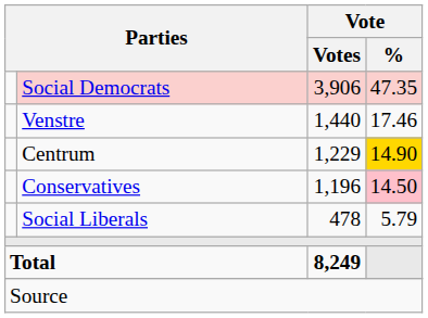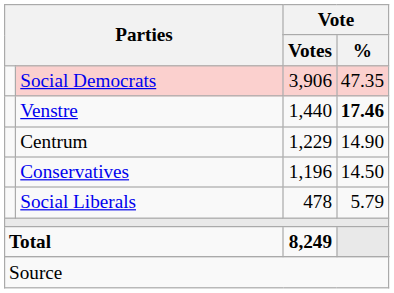 <table class="wikitable" style="text-align:right;">
 <tr>
 <th style="text-align:centre;" rowspan="2" colspan="2" width="225">Parties</th>
 <th colspan="3">Vote</th>
 </tr>
 <tr>
 <th width="15">Votes</th>
 <th width="15">%</th>
 </tr>
 <tr>
 <td width="2" style="color:inherit;background:"></td>
 <td bgcolor=#fbd0ce  align="left"><a href='#'>Social Democrats</a></td>
 <td bgcolor=#fbd0ce>3,906</td>
 <td bgcolor=#fbd0ce>47.35</td>
 </tr>
 <tr>
 <td width="2" style="color:inherit;background:"></td>
 <td align="left"><a href='#'>Venstre</a></td>
 <td>1,440</td>
-<td>17.46</td>
+<td><strong>17.46</strong></td>
 </tr>
 <tr>
 <td width="2" style="color:inherit;background:"></td>
 <td align="left">Centrum</td>
 <td>1,229</td>
-<td style="background: gold;">14.90</td>
+<td>14.90</td>
 </tr>
 <tr>
 <td width="2" style="color:inherit;background:"></td>
 <td align="left"><a href='#'>Conservatives</a></td>
 <td>1,196</td>
-<td style="background: pink;">14.50</td>
+<td>14.50</td>
 </tr>
 <tr>
 <td width="2" style="color:inherit;background:"></td>
 <td align="left"><a href='#'>Social Liberals</a></td>
 <td>478</td>
 <td>5.79</td>
 </tr>
 <tr>
 <td colspan="7" bgcolor="#E9E9E9"></td>
 </tr>
 <tr>
 <td align="left" colspan="2"><strong>Total</strong></td>
 <td><strong>8,249</strong></td>
 <td bgcolor="#E9E9E9" colspan="2"></td>
 </tr>
 <tr>
 </tr>
 <tr>
 <td align="left" colspan="6">Source</td>
 </tr>
 </table>
